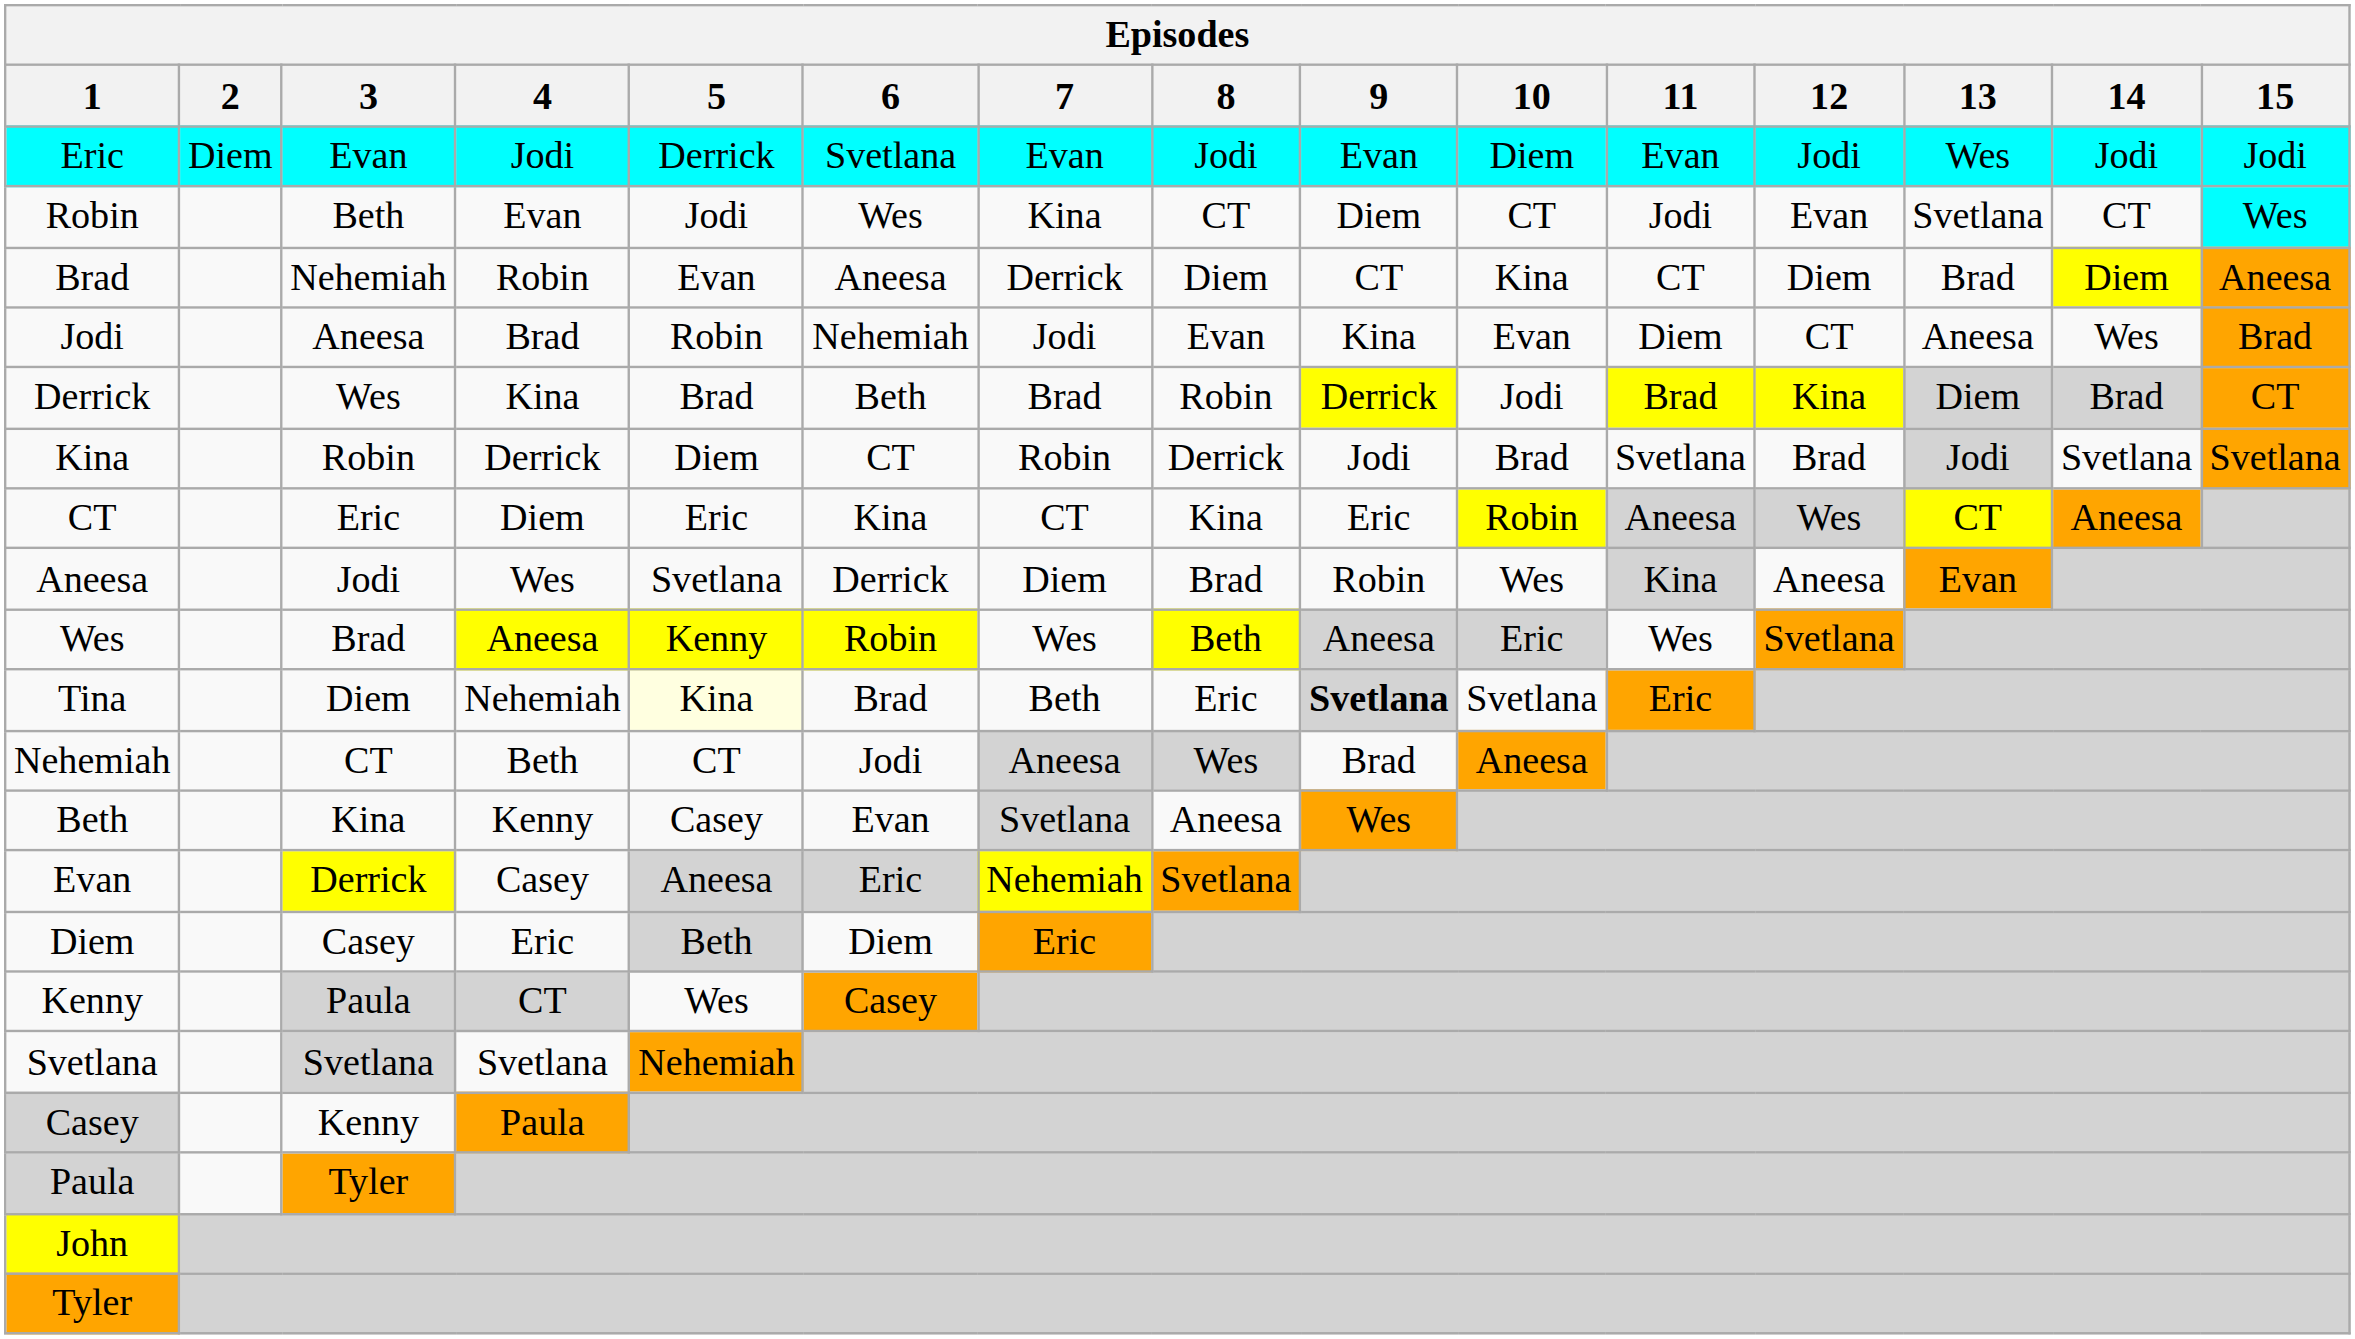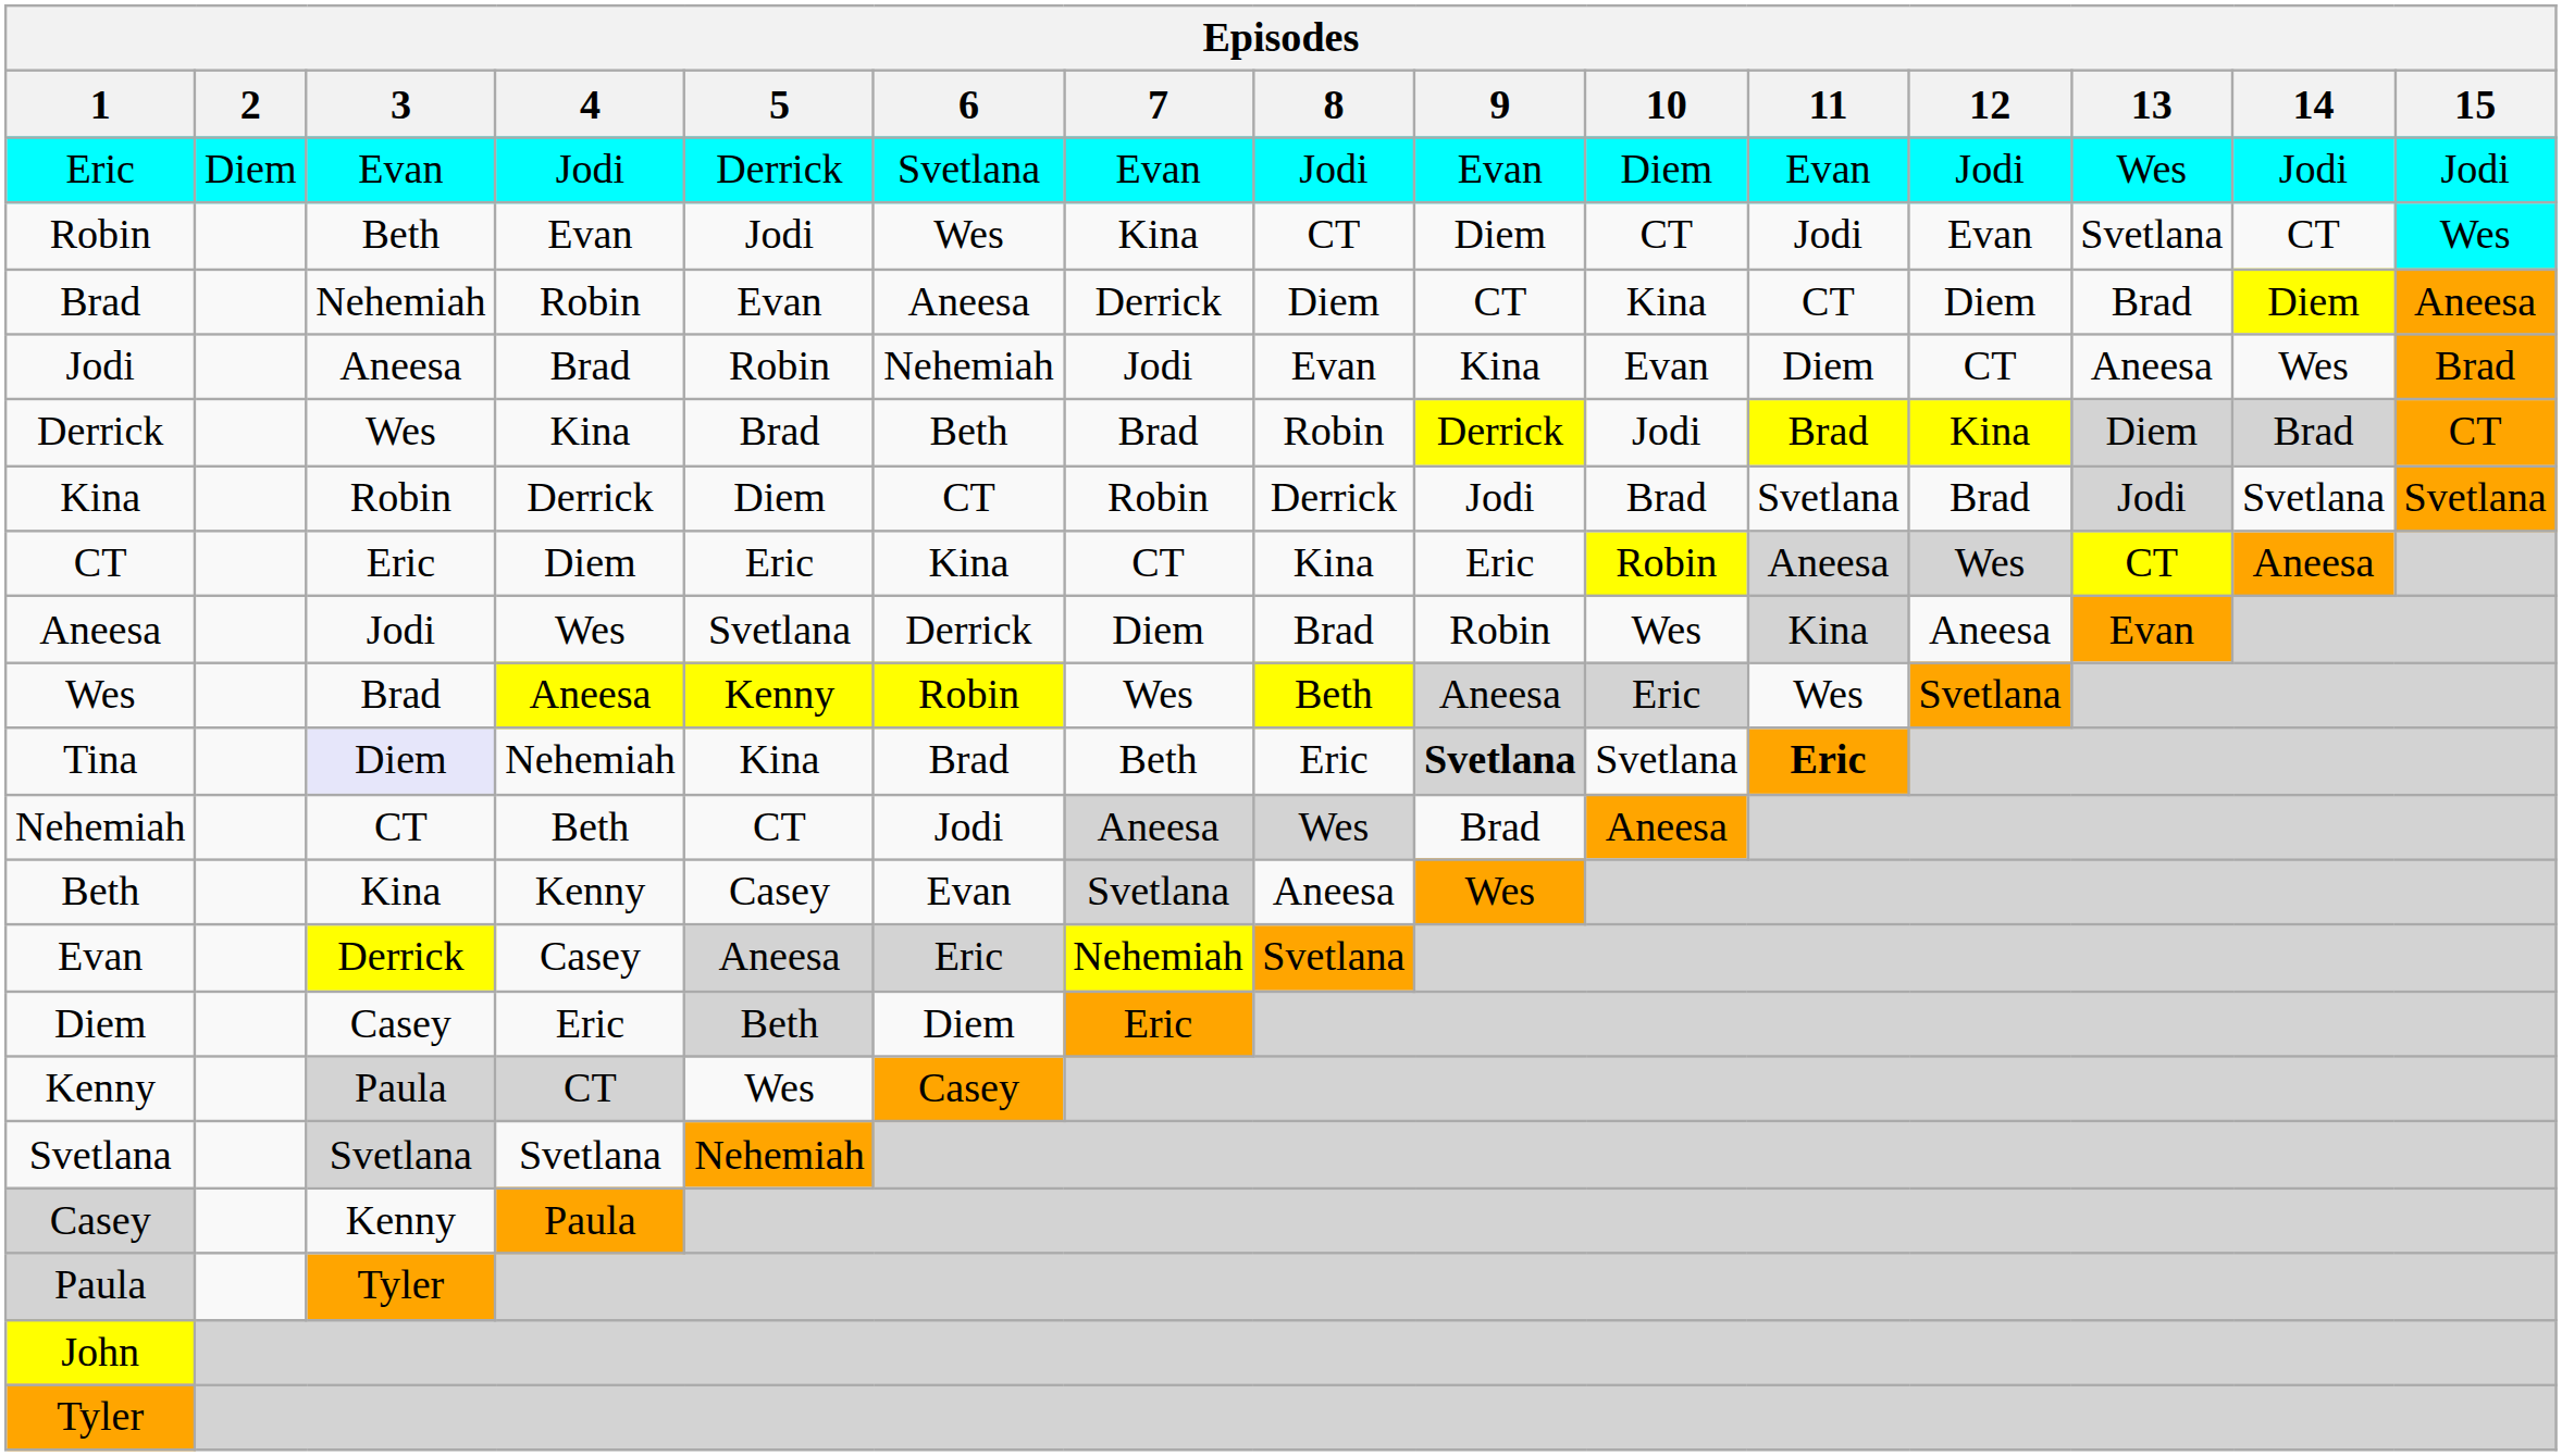 <table class="wikitable" style="text-align:center">
 <tr>
 <th colspan="15">Episodes</th>
 </tr>
 <tr>
 <th>1</th>
 <th>2</th>
 <th>3</th>
 <th>4</th>
 <th>5</th>
 <th>6</th>
 <th>7</th>
 <th>8</th>
 <th>9</th>
 <th>10</th>
 <th>11</th>
 <th>12</th>
 <th>13</th>
 <th>14</th>
 <th>15</th>
 </tr>
 <tr>
 <td bgcolor="cyan">Eric</td>
 <td bgcolor="cyan">Diem</td>
 <td bgcolor="cyan">Evan</td>
 <td bgcolor="cyan">Jodi</td>
 <td bgcolor="cyan">Derrick</td>
 <td bgcolor="cyan">Svetlana</td>
 <td bgcolor="cyan">Evan</td>
 <td bgcolor="cyan">Jodi</td>
 <td bgcolor="cyan">Evan</td>
 <td bgcolor="cyan">Diem</td>
 <td bgcolor="cyan">Evan</td>
 <td bgcolor="cyan">Jodi</td>
 <td bgcolor="cyan">Wes</td>
 <td bgcolor="cyan">Jodi</td>
 <td bgcolor="cyan">Jodi</td>
 </tr>
 <tr>
 <td>Robin</td>
 <td></td>
 <td>Beth</td>
 <td>Evan</td>
 <td>Jodi</td>
 <td>Wes</td>
 <td>Kina</td>
 <td>CT</td>
 <td>Diem</td>
 <td>CT</td>
 <td>Jodi</td>
 <td>Evan</td>
 <td>Svetlana</td>
 <td>CT</td>
 <td bgcolor="cyan">Wes</td>
 </tr>
 <tr>
 <td>Brad</td>
 <td></td>
 <td>Nehemiah</td>
 <td>Robin</td>
 <td>Evan</td>
 <td>Aneesa</td>
 <td>Derrick</td>
 <td>Diem</td>
 <td>CT</td>
 <td>Kina</td>
 <td>CT</td>
 <td>Diem</td>
 <td>Brad</td>
 <td bgcolor="yellow">Diem</td>
 <td bgcolor="orange">Aneesa</td>
 </tr>
 <tr>
 <td>Jodi</td>
 <td></td>
 <td>Aneesa</td>
 <td>Brad</td>
 <td>Robin</td>
 <td>Nehemiah</td>
 <td>Jodi</td>
 <td>Evan</td>
 <td>Kina</td>
 <td>Evan</td>
 <td>Diem</td>
 <td>CT</td>
 <td>Aneesa</td>
 <td>Wes</td>
 <td bgcolor="orange">Brad</td>
 </tr>
 <tr>
 <td>Derrick</td>
 <td></td>
 <td>Wes</td>
 <td>Kina</td>
 <td>Brad</td>
 <td>Beth</td>
 <td>Brad</td>
 <td>Robin</td>
 <td bgcolor="yellow">Derrick</td>
 <td>Jodi</td>
 <td bgcolor="yellow">Brad</td>
 <td bgcolor="yellow">Kina</td>
 <td bgcolor="lightgrey">Diem</td>
 <td bgcolor="lightgrey">Brad</td>
 <td bgcolor="orange">CT</td>
 </tr>
 <tr>
 <td>Kina</td>
 <td></td>
 <td>Robin</td>
 <td>Derrick</td>
 <td>Diem</td>
 <td>CT</td>
 <td>Robin</td>
 <td>Derrick</td>
 <td>Jodi</td>
 <td>Brad</td>
 <td>Svetlana</td>
 <td>Brad</td>
 <td bgcolor="lightgrey">Jodi</td>
 <td>Svetlana</td>
 <td bgcolor="orange">Svetlana</td>
 </tr>
 <tr>
 <td>CT</td>
 <td></td>
 <td>Eric</td>
 <td>Diem</td>
 <td>Eric</td>
 <td>Kina</td>
 <td>CT</td>
 <td>Kina</td>
 <td>Eric</td>
 <td bgcolor="yellow">Robin</td>
 <td bgcolor="lightgrey">Aneesa</td>
 <td bgcolor="lightgrey">Wes</td>
 <td bgcolor="yellow">CT</td>
 <td bgcolor="orange">Aneesa</td>
 <td bgcolor="lightgrey" colspan=1></td>
 </tr>
 <tr>
 <td>Aneesa</td>
 <td></td>
 <td>Jodi</td>
 <td>Wes</td>
 <td>Svetlana</td>
 <td>Derrick</td>
 <td>Diem</td>
 <td>Brad</td>
 <td>Robin</td>
 <td>Wes</td>
 <td bgcolor="lightgrey">Kina</td>
 <td>Aneesa</td>
 <td bgcolor="orange">Evan</td>
 <td bgcolor="lightgrey" colspan=2></td>
 </tr>
 <tr>
 <td>Wes</td>
 <td></td>
 <td>Brad</td>
 <td bgcolor="yellow">Aneesa</td>
 <td bgcolor="yellow">Kenny</td>
 <td bgcolor="yellow">Robin</td>
 <td>Wes</td>
 <td bgcolor="yellow">Beth</td>
 <td bgcolor="lightgrey">Aneesa</td>
 <td bgcolor="lightgrey">Eric</td>
 <td>Wes</td>
 <td bgcolor="orange">Svetlana</td>
 <td bgcolor="lightgrey" colspan=3></td>
 </tr>
 <tr>
 <td>Tina</td>
 <td></td>
-<td>Diem</td>
+<td style="background: lavender;">Diem</td>
 <td>Nehemiah</td>
-<td style="background: lightyellow;">Kina</td>
+<td>Kina</td>
 <td>Brad</td>
 <td>Beth</td>
 <td>Eric</td>
 <td bgcolor="lightgrey"><strong>Svetlana</strong></td>
 <td>Svetlana</td>
-<td bgcolor="orange">Eric</td>
+<td bgcolor="orange"><strong>Eric</strong></td>
 <td bgcolor="lightgrey" colspan=4></td>
 </tr>
 <tr>
 <td>Nehemiah</td>
 <td></td>
 <td>CT</td>
 <td>Beth</td>
 <td>CT</td>
 <td>Jodi</td>
 <td bgcolor="lightgrey">Aneesa</td>
 <td bgcolor="lightgrey">Wes</td>
 <td>Brad</td>
 <td bgcolor="orange">Aneesa</td>
 <td bgcolor="lightgrey" colspan=5></td>
 </tr>
 <tr>
 <td>Beth</td>
 <td></td>
 <td>Kina</td>
 <td>Kenny</td>
 <td>Casey</td>
 <td>Evan</td>
 <td bgcolor="lightgrey">Svetlana</td>
 <td>Aneesa</td>
 <td bgcolor="orange">Wes</td>
 <td bgcolor="lightgrey" colspan=6></td>
 </tr>
 <tr>
 <td>Evan</td>
 <td></td>
 <td bgcolor="yellow">Derrick</td>
 <td>Casey</td>
 <td bgcolor="lightgrey">Aneesa</td>
 <td bgcolor="lightgrey">Eric</td>
 <td bgcolor="yellow">Nehemiah</td>
 <td bgcolor="orange">Svetlana</td>
 <td bgcolor="lightgrey" colspan=7></td>
 </tr>
 <tr>
 <td>Diem</td>
 <td></td>
 <td>Casey</td>
 <td>Eric</td>
 <td bgcolor="lightgrey">Beth</td>
 <td>Diem</td>
 <td bgcolor="orange">Eric</td>
 <td bgcolor="lightgrey" colspan=8></td>
 </tr>
 <tr>
 <td>Kenny</td>
 <td></td>
 <td bgcolor="lightgrey">Paula</td>
 <td bgcolor="lightgrey">CT</td>
 <td>Wes</td>
 <td bgcolor="orange">Casey</td>
 <td bgcolor="lightgrey" colspan=9></td>
 </tr>
 <tr>
 <td>Svetlana</td>
 <td></td>
 <td bgcolor="lightgrey">Svetlana</td>
 <td>Svetlana</td>
 <td bgcolor="orange">Nehemiah</td>
 <td bgcolor="lightgrey" colspan=10></td>
 </tr>
 <tr>
 <td bgcolor="lightgrey">Casey</td>
 <td></td>
 <td>Kenny</td>
 <td bgcolor="orange">Paula</td>
 <td bgcolor="lightgrey" colspan=11></td>
 </tr>
 <tr>
 <td bgcolor="lightgrey">Paula</td>
 <td></td>
 <td bgcolor="orange">Tyler</td>
 <td bgcolor="lightgrey" colspan=12></td>
 </tr>
 <tr>
 <td bgcolor="yellow">John</td>
 <td bgcolor="lightgrey" colspan=14></td>
 </tr>
 <tr>
 <td bgcolor="orange">Tyler</td>
 <td bgcolor="lightgrey" colspan=14></td>
 </tr>
 </table>
